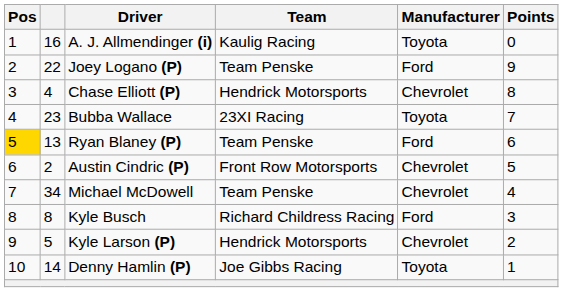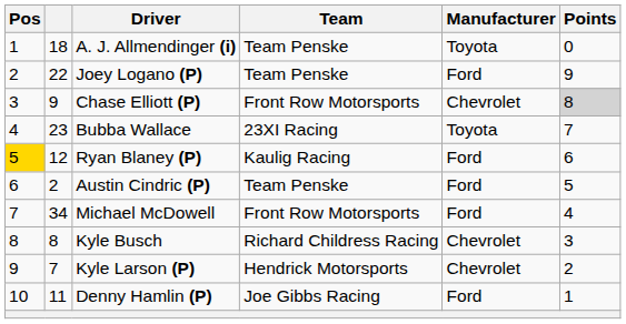 <table class="wikitable" style="font-size:98%">
 <tr>
 <th>Pos</th>
 <th></th>
 <th>Driver</th>
 <th>Team</th>
 <th>Manufacturer</th>
 <th>Points</th>
 </tr>
 <tr>
 <td>1</td>
-<td>16</td>
+<td>18</td>
 <td>A. J. Allmendinger <strong>(i)</strong></td>
-<td>Kaulig Racing</td>
+<td>Team Penske</td>
 <td>Toyota</td>
 <td>0</td>
 </tr>
 <tr>
 <td>2</td>
 <td>22</td>
 <td>Joey Logano <strong>(P)</strong></td>
 <td>Team Penske</td>
 <td>Ford</td>
 <td>9</td>
 </tr>
 <tr>
 <td>3</td>
-<td>4</td>
+<td>9</td>
 <td>Chase Elliott <strong>(P)</strong></td>
-<td>Hendrick Motorsports</td>
+<td>Front Row Motorsports</td>
 <td>Chevrolet</td>
-<td>8</td>
+<td style="background: lightgrey;">8</td>
 </tr>
 <tr>
 <td>4</td>
 <td>23</td>
 <td>Bubba Wallace</td>
 <td>23XI Racing</td>
 <td>Toyota</td>
 <td>7</td>
 </tr>
 <tr>
 <td style="background: gold;">5</td>
-<td>13</td>
+<td>12</td>
 <td>Ryan Blaney <strong>(P)</strong></td>
-<td>Team Penske</td>
+<td>Kaulig Racing</td>
 <td>Ford</td>
 <td>6</td>
 </tr>
 <tr>
 <td>6</td>
 <td>2</td>
 <td>Austin Cindric <strong>(P)</strong></td>
-<td>Front Row Motorsports</td>
-<td>Chevrolet</td>
+<td>Team Penske</td>
+<td>Ford</td>
 <td>5</td>
 </tr>
 <tr>
 <td>7</td>
 <td>34</td>
 <td>Michael McDowell</td>
-<td>Team Penske</td>
-<td>Chevrolet</td>
+<td>Front Row Motorsports</td>
+<td>Ford</td>
 <td>4</td>
 </tr>
 <tr>
 <td>8</td>
 <td>8</td>
 <td>Kyle Busch</td>
 <td>Richard Childress Racing</td>
-<td>Ford</td>
+<td>Chevrolet</td>
 <td>3</td>
 </tr>
 <tr>
 <td>9</td>
-<td>5</td>
+<td>7</td>
 <td>Kyle Larson <strong>(P)</strong></td>
 <td>Hendrick Motorsports</td>
 <td>Chevrolet</td>
 <td>2</td>
 </tr>
 <tr>
 <td>10</td>
-<td>14</td>
+<td>11</td>
 <td>Denny Hamlin <strong>(P)</strong></td>
 <td>Joe Gibbs Racing</td>
-<td>Toyota</td>
+<td>Ford</td>
 <td>1</td>
 </tr>
 <tr>
 <th colspan="6"></th>
 </tr>
 </table>
